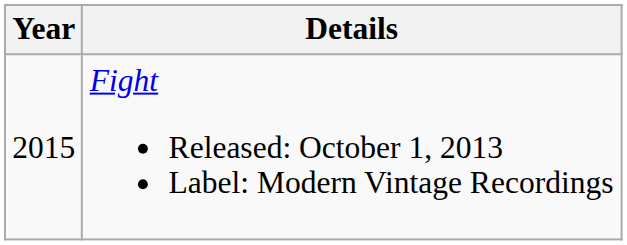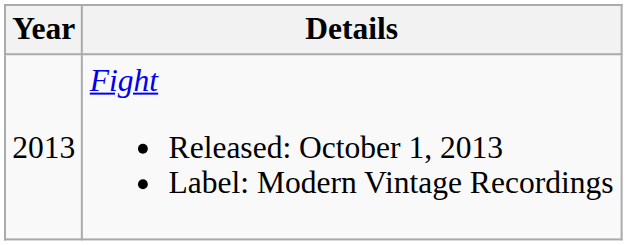 <table class=wikitable style=text-align:center;>
 <tr>
 <th>Year</th>
 <th>Details</th>
 </tr>
 <tr>
-<td>2015</td>
+<td>2013</td>
 <td align=left><em><a href='#'>Fight</a></em><br><ul><li>Released: October 1, 2013</li><li>Label: Modern Vintage Recordings</li></ul></td>
 </tr>
 </table>
